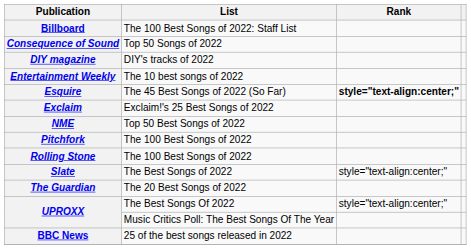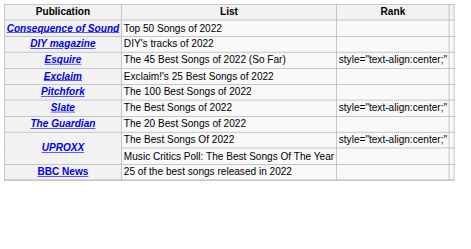 <table class="wikitable sortable plainrowheaders">
 <tr>
 <th>Publication</th>
 <th>List</th>
 <th>Rank</th>
 <th class="unsortable"></th>
-</tr>
-<tr>
-<th scope="row"><em><a href='#'></em>Billboard<em></a></em></th>
-<td>The 100 Best Songs of 2022: Staff List</td>
-<td></td>
-<td></td>
 </tr>
 <tr>
 <th scope="row"><em><a href='#'>Consequence of Sound</a></em></th>
 <td>Top 50 Songs of 2022</td>
 <td></td>
 <td></td>
 </tr>
 <tr>
 <th scope="row"><em><a href='#'>DIY magazine</a></em></th>
 <td>DIY's tracks of 2022</td>
 <td></td>
 <td></td>
 </tr>
 <tr>
-<th scope="row"><em><a href='#'>Entertainment Weekly</a></em></th>
-<td>The 10 best songs of 2022</td>
-<td></td>
-<td></td>
-</tr>
-<tr>
 <th scope="row"><em><a href='#'>Esquire</a></em></th>
 <td>The 45 Best Songs of 2022 (So Far)</td>
-<td><strong>style="text-align:center;" </strong></td>
+<td>style="text-align:center;" </td>
 <td></td>
 </tr>
 <tr>
 <th scope="row"><em><a href='#'>Exclaim</a></em></th>
 <td>Exclaim!'s 25 Best Songs of 2022</td>
 <td></td>
 <td></td>
 </tr>
 <tr>
-<th scope="row"><em><a href='#'>NME</a></em></th>
-<td>Top 50 Best Songs of 2022</td>
-<td></td>
-<td></td>
-</tr>
-<tr>
 <th scope="row"><a href='#'><em>Pitchfork</em></a></th>
-<td>The 100 Best Songs of 2022</td>
-<td></td>
-<td></td>
-</tr>
-<tr>
-<th scope="row"><a href='#'><em>Rolling Stone</em></a></th>
 <td>The 100 Best Songs of 2022</td>
 <td></td>
 <td></td>
 </tr>
 <tr>
 <th scope="row"><em><a href='#'>Slate</a></em></th>
 <td>The Best Songs of 2022</td>
 <td>style="text-align:center;" </td>
 <td></td>
 </tr>
 <tr>
 <th scope="row"><em><a href='#'>The Guardian</a></em></th>
 <td>The 20 Best Songs of 2022</td>
 <td></td>
 <td></td>
 </tr>
 <tr>
 <th rowspan="2" scope="row"><em><a href='#'>UPROXX</a></em></th>
 <td>The Best Songs Of 2022</td>
 <td>style="text-align:center;" </td>
 <td></td>
 </tr>
 <tr>
 <td>Music Critics Poll: The Best Songs Of The Year</td>
 <td></td>
 <td style="text-align:center;"></td>
 </tr>
 <tr>
 <th ! scope="row"><a href='#'>BBC News</a></th>
 <td>25 of the best songs released in 2022</td>
 <td></td>
 <td style="text-align:center;"></td>
 </tr>
 <tr>
 </tr>
 </table>
